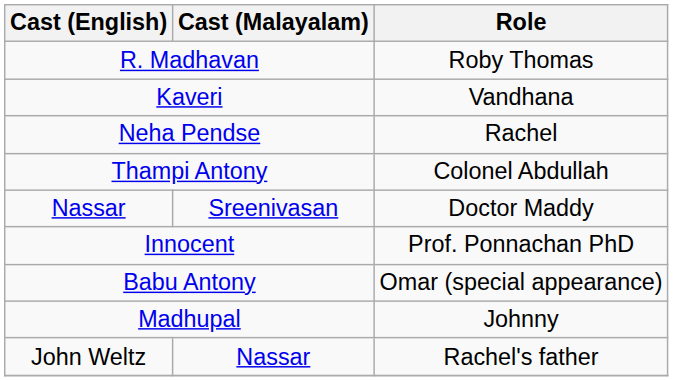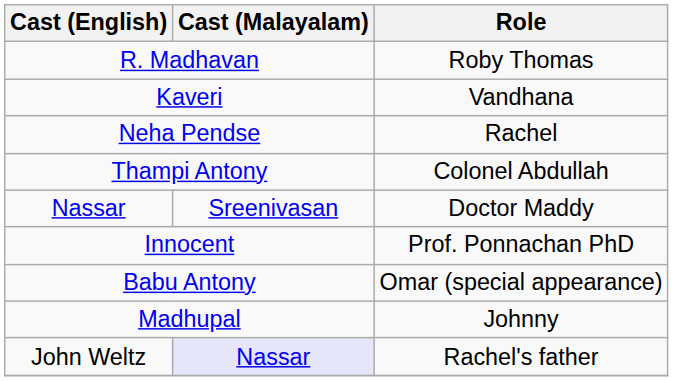 <table class="wikitable">
 <tr>
 <th>Cast (English)</th>
 <th>Cast (Malayalam)</th>
 <th>Role</th>
 </tr>
 <tr>
 <td colspan="2"style="text-align:center;"><a href='#'>R. Madhavan</a></td>
 <td colspan="2" style="text-align:center;">Roby Thomas</td>
 </tr>
 <tr>
 <td colspan="2"style="text-align:center;"><a href='#'>Kaveri</a></td>
 <td colspan="2" style="text-align:center;">Vandhana</td>
 </tr>
 <tr>
 <td colspan="2"style="text-align:center;"><a href='#'>Neha Pendse</a></td>
 <td colspan="2" style="text-align:center;">Rachel</td>
 </tr>
 <tr>
 <td colspan="2"style="text-align:center;"><a href='#'>Thampi Antony</a></td>
 <td colspan="2" style="text-align:center;">Colonel Abdullah</td>
 </tr>
 <tr>
 <td style="text-align:center;"><a href='#'>Nassar</a></td>
 <td style="text-align:center;"><a href='#'>Sreenivasan</a></td>
 <td colspan="2" style="text-align:center;">Doctor Maddy</td>
 </tr>
 <tr>
 <td colspan="2"style="text-align:center;"><a href='#'>Innocent</a></td>
 <td colspan="2" style="text-align:center;">Prof. Ponnachan PhD</td>
 </tr>
 <tr>
 <td colspan="2"style="text-align:center;"><a href='#'>Babu Antony</a></td>
 <td colspan="2" style="text-align:center;">Omar (special appearance)</td>
 </tr>
 <tr>
 <td colspan="2"style="text-align:center;"><a href='#'>Madhupal</a></td>
 <td colspan="2" style="text-align:center;">Johnny</td>
 </tr>
 <tr>
 <td style="text-align:center;">John Weltz</td>
-<td style="text-align:center;"><a href='#'>Nassar</a></td>
+<td style="background: lavender; text-align:center;"><a href='#'>Nassar</a></td>
 <td colspan="2" style="text-align:center;">Rachel's father</td>
 </tr>
 <tr>
 </tr>
 </table>
